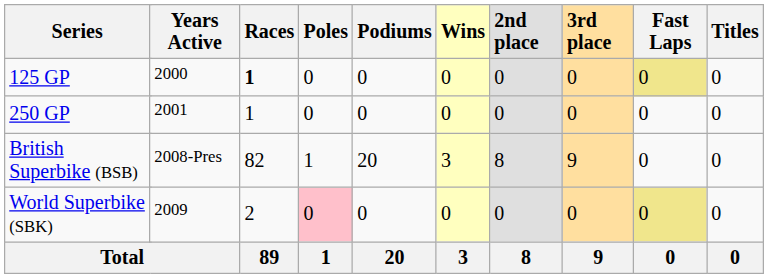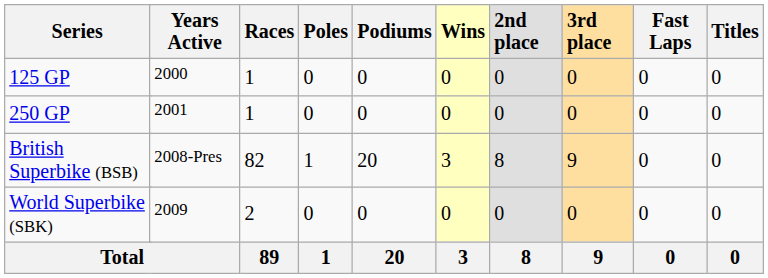 <table class="wikitable">
 <tr>
 <th colspan=2>Series</th>
 <th>Years Active</th>
 <th>Races</th>
 <th>Poles</th>
 <th>Podiums</th>
 <td style="background:#ffffbf;"><strong>Wins</strong></td>
 <td style="background:#DFDFDF;"><strong>2nd place</strong></td>
 <td style="background:#FFDF9F;"><strong>3rd place</strong></td>
 <th>Fast Laps</th>
 <th>Titles</th>
 </tr>
 <tr>
 <td colspan=2><a href='#'>125 GP</a></td>
 <td><sup>2000</sup></td>
-<td><strong>1</strong></td>
+<td>1</td>
 <td>0</td>
 <td>0</td>
 <td style="background:#ffffbf;">0</td>
 <td style="background:#DFDFDF;">0</td>
 <td style="background:#FFDF9F;">0</td>
-<td style="background: khaki;">0</td>
+<td>0</td>
 <td>0</td>
 </tr>
 <tr>
 <td colspan=2><a href='#'>250 GP</a></td>
 <td><sup>2001</sup></td>
 <td>1</td>
 <td>0</td>
 <td>0</td>
 <td style="background:#ffffbf;">0</td>
 <td style="background:#DFDFDF;">0</td>
 <td style="background:#FFDF9F;">0</td>
 <td>0</td>
 <td>0</td>
 </tr>
 <tr>
 <td colspan=2><a href='#'>British Superbike</a> <small>(BSB)</small></td>
 <td><sup>2008-Pres</sup></td>
 <td>82</td>
 <td>1</td>
 <td>20</td>
 <td style="background:#ffffbf;">3</td>
 <td style="background:#DFDFDF;">8</td>
 <td style="background:#FFDF9F;">9</td>
 <td>0</td>
 <td>0</td>
 </tr>
 <tr>
 <td colspan=2><a href='#'>World Superbike</a> <small>(SBK)</small></td>
 <td><sup>2009</sup></td>
 <td>2</td>
-<td style="background: pink;">0</td>
+<td>0</td>
 <td>0</td>
 <td style="background:#ffffbf;">0</td>
 <td style="background:#DFDFDF;">0</td>
 <td style="background:#FFDF9F;">0</td>
-<td style="background: khaki;">0</td>
+<td>0</td>
 <td>0</td>
 </tr>
 <tr>
 <th colspan=3>Total</th>
 <th>89</th>
 <th>1</th>
 <th>20</th>
 <th>3</th>
 <th>8</th>
 <th>9</th>
 <th>0</th>
 <th>0</th>
 </tr>
 </table>
